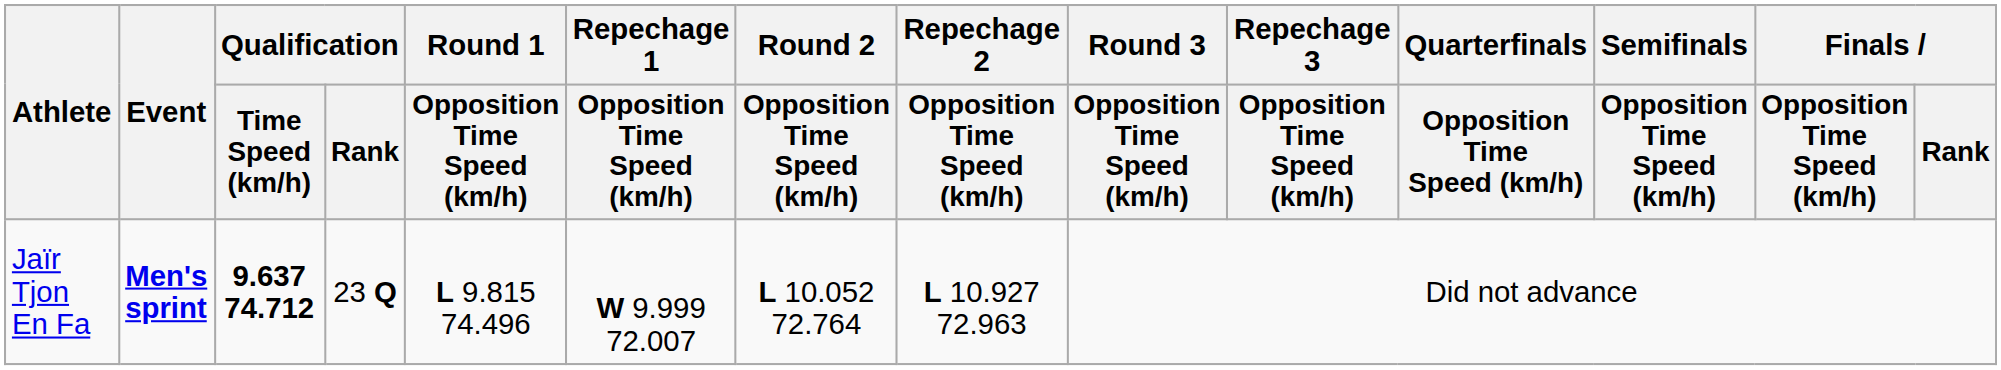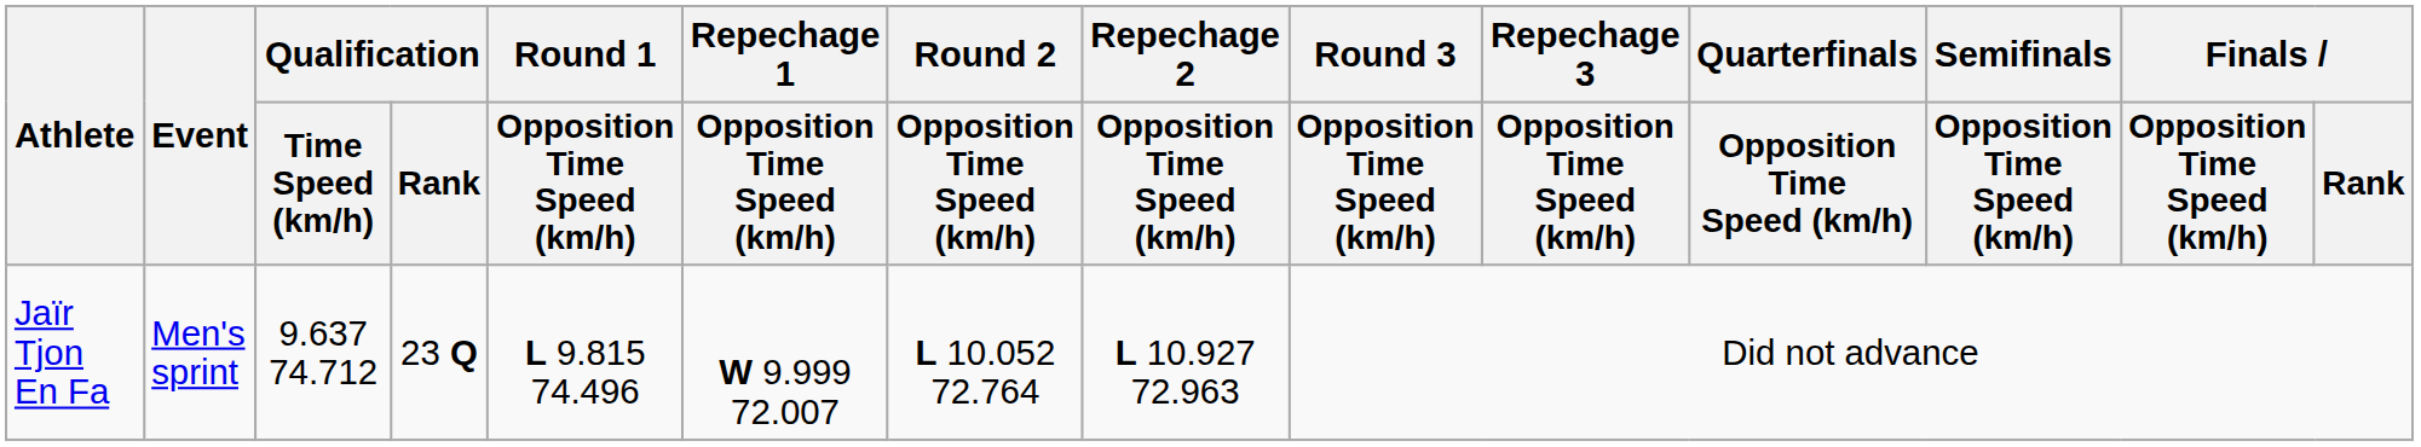 <table class=wikitable style=font-size:90%;text-align:center>
 <tr>
 <th rowspan=2>Athlete</th>
 <th rowspan=2>Event</th>
 <th colspan=2>Qualification</th>
 <th>Round 1</th>
 <th>Repechage 1</th>
 <th>Round 2</th>
 <th>Repechage 2</th>
 <th>Round 3</th>
 <th>Repechage 3</th>
 <th>Quarterfinals</th>
 <th>Semifinals</th>
 <th colspan=2>Finals / </th>
 </tr>
 <tr style=font-size:95%>
 <th>Time<br>Speed (km/h)</th>
 <th>Rank</th>
 <th>Opposition<br>Time<br>Speed (km/h)</th>
 <th>Opposition<br>Time<br>Speed (km/h)</th>
 <th>Opposition<br>Time<br>Speed (km/h)</th>
 <th>Opposition<br>Time<br>Speed (km/h)</th>
 <th>Opposition<br>Time<br>Speed (km/h)</th>
 <th>Opposition<br>Time<br>Speed (km/h)</th>
 <th>Opposition<br>Time<br>Speed (km/h)</th>
 <th>Opposition<br>Time<br>Speed (km/h)</th>
 <th>Opposition<br>Time<br>Speed (km/h)</th>
 <th>Rank</th>
 </tr>
 <tr>
 <td align=left><a href='#'>Jaïr Tjon En Fa</a></td>
-<td align=left><strong><a href='#'>Men's sprint</a></strong></td>
-<td><strong>9.637<br>74.712</strong></td>
+<td align=left><a href='#'>Men's sprint</a></td>
+<td>9.637<br>74.712</td>
 <td>23 <strong>Q</strong></td>
 <td><br><strong>L</strong> 9.815<br>74.496</td>
 <td><br><br><strong>W</strong> 9.999<br>72.007</td>
 <td><br><strong>L</strong> 10.052<br>72.764</td>
 <td><br><strong>L</strong> 10.927<br>72.963</td>
 <td colspan=6>Did not advance</td>
 </tr>
 </table>
